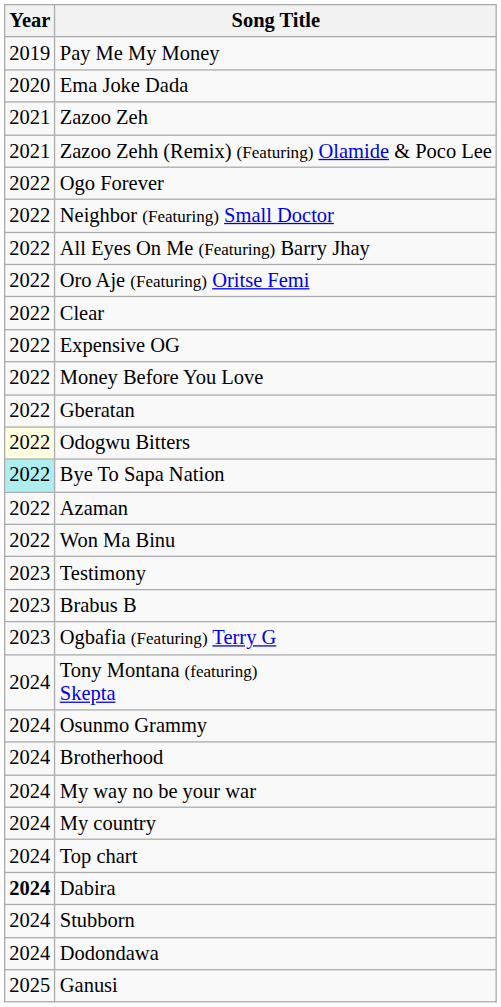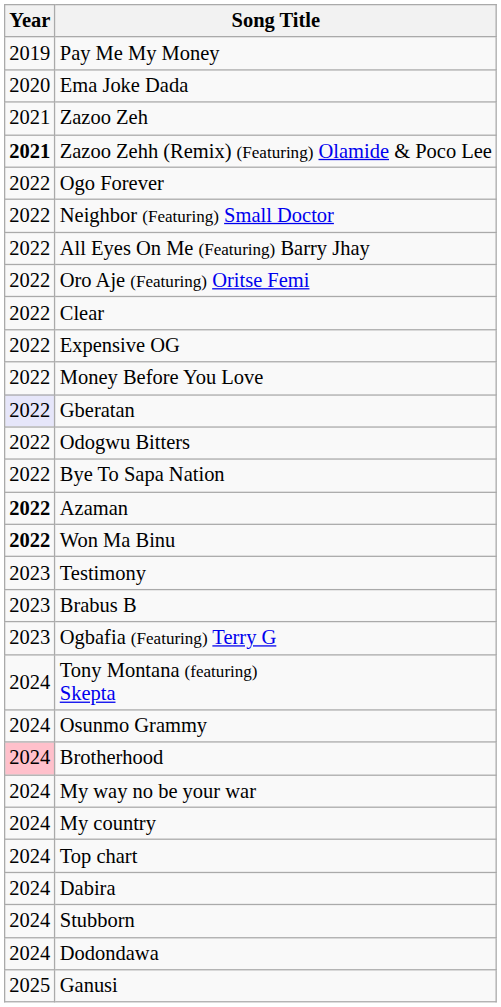 <table class="wikitable">
 <tr>
 <th>Year</th>
 <th>Song Title</th>
 </tr>
 <tr>
 <td>2019</td>
 <td>Pay Me My Money</td>
 </tr>
 <tr>
 <td>2020</td>
 <td>Ema Joke Dada</td>
 </tr>
 <tr>
 <td>2021</td>
 <td>Zazoo Zeh</td>
 </tr>
 <tr>
-<td>2021</td>
+<td><strong>2021</strong></td>
 <td>Zazoo Zehh (Remix) <small>(Featuring)</small> <a href='#'>Olamide</a> & Poco Lee</td>
 </tr>
 <tr>
 <td>2022</td>
 <td>Ogo Forever</td>
 </tr>
 <tr>
 <td>2022</td>
 <td>Neighbor <small>(Featuring)</small> <a href='#'>Small Doctor</a></td>
 </tr>
 <tr>
 <td>2022</td>
 <td>All Eyes On Me <small>(Featuring)</small> Barry Jhay</td>
 </tr>
 <tr>
 <td>2022</td>
 <td>Oro Aje <small>(Featuring)</small> <a href='#'>Oritse Femi</a></td>
 </tr>
 <tr>
 <td>2022</td>
 <td>Clear</td>
 </tr>
 <tr>
 <td>2022</td>
 <td>Expensive OG</td>
 </tr>
 <tr>
 <td>2022</td>
 <td>Money Before You Love</td>
 </tr>
 <tr>
-<td>2022</td>
+<td style="background: lavender;">2022</td>
 <td>Gberatan</td>
 </tr>
 <tr>
-<td style="background: lightyellow;">2022</td>
+<td>2022</td>
 <td>Odogwu Bitters</td>
 </tr>
 <tr>
-<td style="background: paleturquoise;">2022</td>
+<td>2022</td>
 <td>Bye To Sapa Nation</td>
 </tr>
 <tr>
-<td>2022</td>
+<td><strong>2022</strong></td>
 <td>Azaman</td>
 </tr>
 <tr>
-<td>2022</td>
+<td><strong>2022</strong></td>
 <td>Won Ma Binu</td>
 </tr>
 <tr>
 <td>2023</td>
 <td>Testimony</td>
 </tr>
 <tr>
 <td>2023</td>
 <td>Brabus B</td>
 </tr>
 <tr>
 <td>2023</td>
 <td>Ogbafia <small>(Featuring)</small> <a href='#'>Terry G</a></td>
 </tr>
 <tr>
 <td>2024</td>
 <td>Tony Montana <small>(featuring)</small><br><a href='#'>Skepta</a></td>
 </tr>
 <tr>
 <td>2024</td>
 <td>Osunmo	Grammy</td>
 </tr>
 <tr>
-<td>2024</td>
+<td style="background: pink;">2024</td>
 <td>Brotherhood</td>
 </tr>
 <tr>
 <td>2024</td>
 <td>My way no be your war</td>
 </tr>
 <tr>
 <td>2024</td>
 <td>My country</td>
 </tr>
 <tr>
 <td>2024</td>
 <td>Top chart</td>
 </tr>
 <tr>
-<td><strong>2024</strong></td>
+<td>2024</td>
 <td>Dabira</td>
 </tr>
 <tr>
 <td>2024</td>
 <td>Stubborn</td>
 </tr>
 <tr>
 <td>2024</td>
 <td>Dodondawa</td>
 </tr>
 <tr>
 <td>2025</td>
 <td>Ganusi </td>
 </tr>
 </table>
